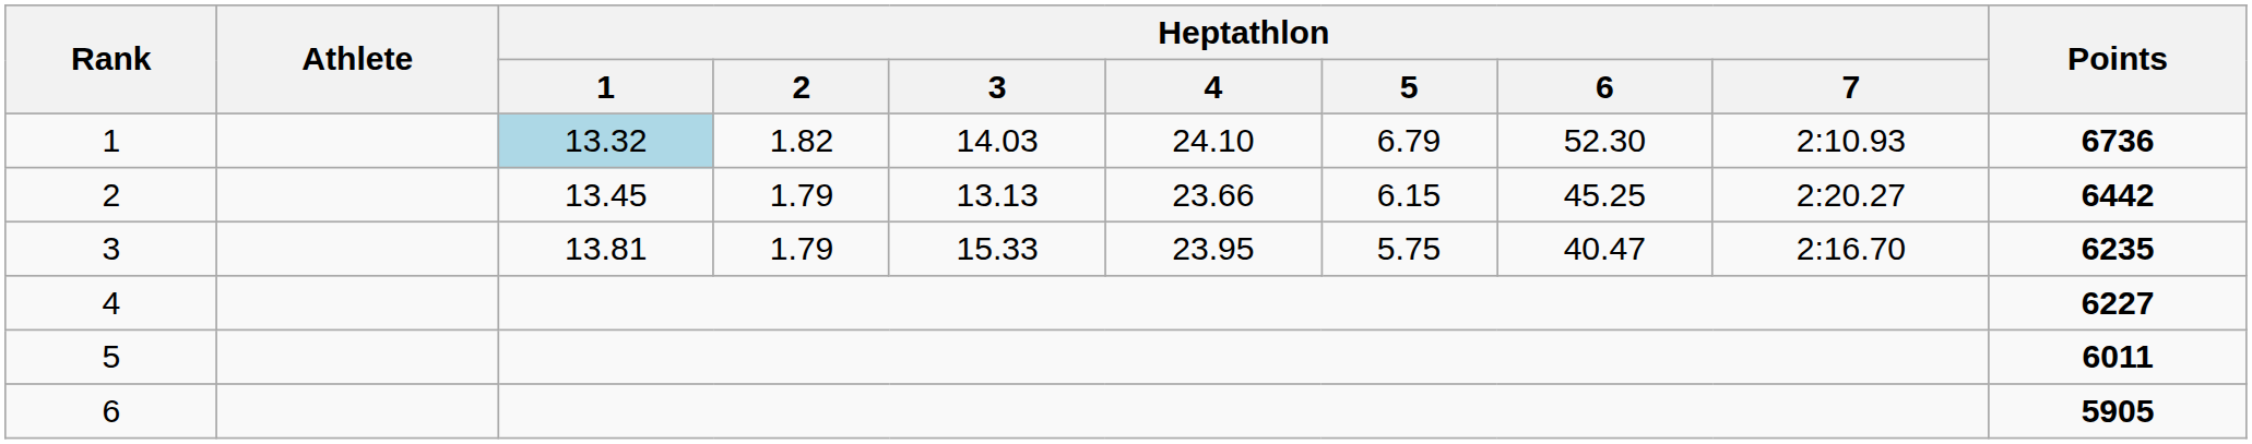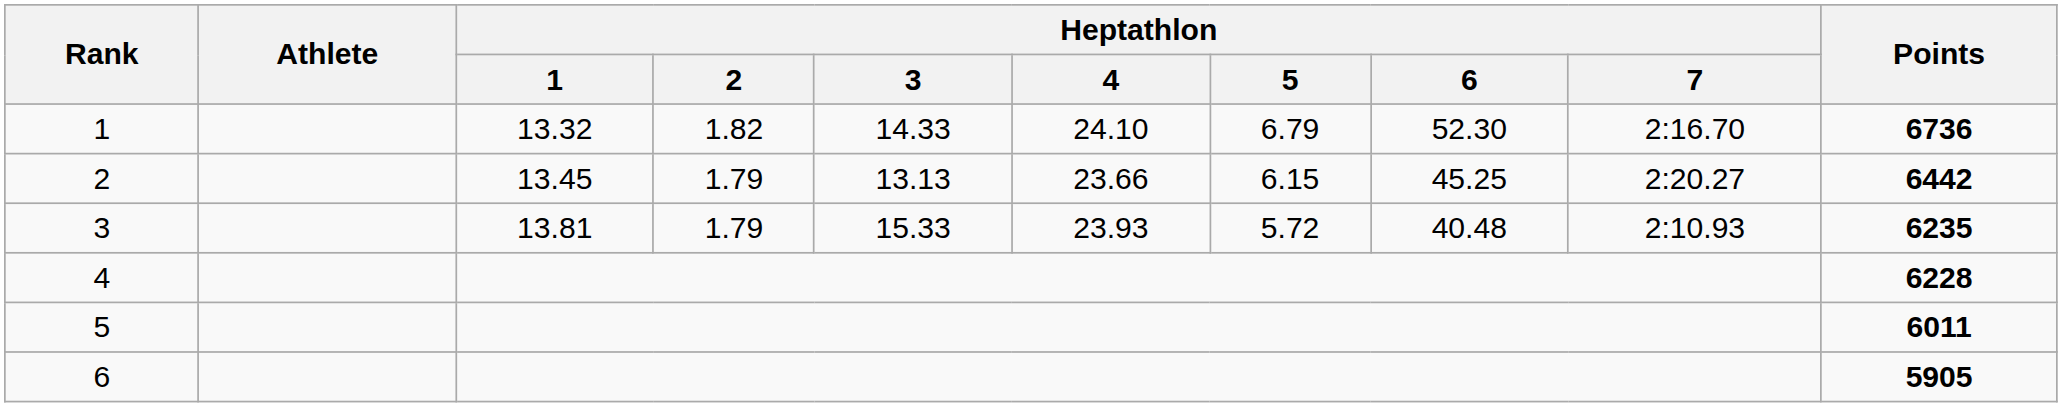 <table class="wikitable" style=" text-align:center; font-size:110%;" width="95%">
 <tr>
 <th rowspan="2">Rank</th>
 <th rowspan="2">Athlete</th>
 <th colspan="7">Heptathlon</th>
 <th rowspan="2">Points</th>
 </tr>
 <tr>
 <th>1</th>
 <th>2</th>
 <th>3</th>
 <th>4</th>
 <th>5</th>
 <th>6</th>
 <th>7</th>
 </tr>
 <tr>
 <td>1</td>
 <td align=left></td>
-<td style="background: lightblue;">13.32</td>
+<td>13.32</td>
 <td>1.82</td>
-<td>14.03</td>
+<td>14.33</td>
 <td>24.10</td>
 <td>6.79</td>
 <td>52.30</td>
-<td>2:10.93</td>
+<td>2:16.70</td>
 <td><strong>6736</strong></td>
 </tr>
 <tr>
 <td>2</td>
 <td align=left></td>
 <td>13.45</td>
 <td>1.79</td>
 <td>13.13</td>
 <td>23.66</td>
 <td>6.15</td>
 <td>45.25</td>
 <td>2:20.27</td>
 <td><strong>6442</strong></td>
 </tr>
 <tr>
 <td>3</td>
 <td align=left></td>
 <td>13.81</td>
 <td>1.79</td>
 <td>15.33</td>
-<td>23.95</td>
-<td>5.75</td>
-<td>40.47</td>
-<td>2:16.70</td>
+<td>23.93</td>
+<td>5.72</td>
+<td>40.48</td>
+<td>2:10.93</td>
 <td><strong>6235</strong></td>
 </tr>
 <tr>
 <td>4</td>
 <td align=left></td>
 <td colspan=7></td>
-<td><strong>6227</strong></td>
+<td><strong>6228</strong></td>
 </tr>
 <tr>
 <td>5</td>
 <td align=left></td>
 <td colspan=7></td>
 <td><strong>6011</strong></td>
 </tr>
 <tr>
 <td>6</td>
 <td align=left></td>
 <td colspan=7></td>
 <td><strong>5905</strong></td>
 </tr>
 </table>
